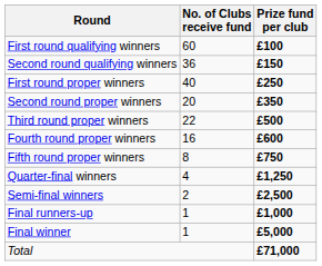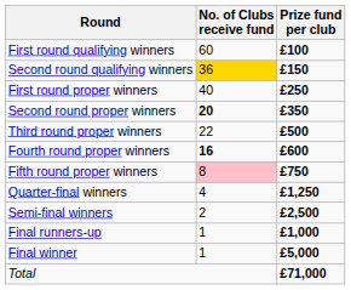 <table class="wikitable">
 <tr>
 <th>Round</th>
 <th>No. of Clubs<br>receive fund</th>
 <th>Prize fund<br>per club</th>
 </tr>
 <tr>
 <td><a href='#'>First round qualifying</a> winners</td>
 <td>60</td>
 <td><strong>£100</strong></td>
 </tr>
 <tr>
 <td><a href='#'>Second round qualifying</a> winners</td>
-<td>36</td>
+<td style="background: gold;">36</td>
 <td><strong>£150</strong></td>
 </tr>
 <tr>
 <td><a href='#'>First round proper</a> winners</td>
 <td>40</td>
 <td><strong>£250</strong></td>
 </tr>
 <tr>
 <td><a href='#'>Second round proper</a> winners</td>
-<td>20</td>
+<td><strong>20</strong></td>
 <td><strong>£350</strong></td>
 </tr>
 <tr>
 <td><a href='#'>Third round proper</a> winners</td>
 <td>22</td>
 <td><strong>£500</strong></td>
 </tr>
 <tr>
 <td><a href='#'>Fourth round proper</a> winners</td>
-<td>16</td>
+<td><strong>16</strong></td>
 <td><strong>£600</strong></td>
 </tr>
 <tr>
 <td><a href='#'>Fifth round proper</a> winners</td>
-<td>8</td>
+<td style="background: pink;">8</td>
 <td><strong>£750</strong></td>
 </tr>
 <tr>
 <td><a href='#'>Quarter-final</a> winners</td>
 <td>4</td>
 <td><strong>£1,250</strong></td>
 </tr>
 <tr>
 <td><a href='#'>Semi-final winners</a></td>
 <td>2</td>
 <td><strong>£2,500</strong></td>
 </tr>
 <tr>
 <td><a href='#'>Final runners-up</a></td>
 <td>1</td>
 <td><strong>£1,000</strong></td>
 </tr>
 <tr>
 <td><a href='#'>Final winner</a></td>
 <td>1</td>
 <td><strong>£5,000</strong></td>
 </tr>
 <tr>
 <td colspan=2><em>Total</em></td>
 <td><strong>£71,000</strong></td>
 </tr>
 </table>
